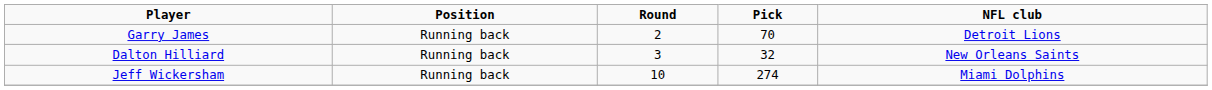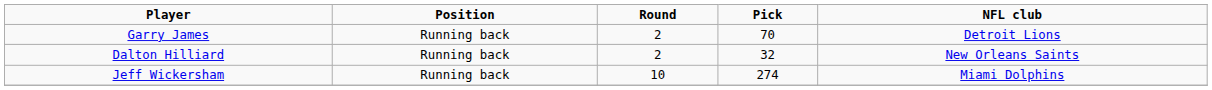 <table class="wikitable" width="80%">
 <tr align="center">
 <td><strong>Player</strong></td>
 <td><strong>Position</strong></td>
 <td><strong>Round</strong></td>
 <td><strong>Pick</strong></td>
 <td><strong>NFL club</strong></td>
 </tr>
 <tr align="center" bgcolor="">
 <td><a href='#'>Garry James</a></td>
 <td>Running back</td>
 <td>2</td>
 <td>70</td>
 <td><a href='#'>Detroit Lions</a></td>
 </tr>
 <tr align="center" bgcolor="">
 <td><a href='#'>Dalton Hilliard</a></td>
 <td>Running back</td>
-<td>3</td>
+<td>2</td>
 <td>32</td>
 <td><a href='#'>New Orleans Saints</a></td>
 </tr>
 <tr align="center" bgcolor="">
 <td><a href='#'>Jeff Wickersham</a></td>
 <td>Running back</td>
 <td>10</td>
 <td>274</td>
 <td><a href='#'>Miami Dolphins</a></td>
 </tr>
 <tr align="center" bgcolor="">
 </tr>
 </table>
